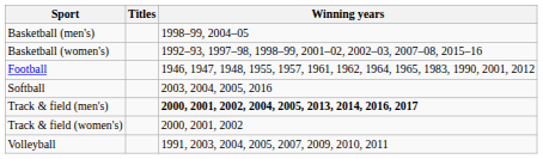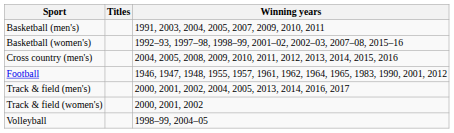 <table class="wikitable"; style= "text-align: ">
 <tr>
 <th width=px>Sport</th>
 <th width=px>Titles</th>
 <th width=px>Winning years</th>
 </tr>
 <tr>
 <td>Basketball (men's)</td>
 <td></td>
-<td>1998–99, 2004–05</td>
+<td>1991, 2003, 2004, 2005, 2007, 2009, 2010, 2011</td>
 </tr>
 <tr>
 <td>Basketball (women's)</td>
 <td></td>
 <td>1992–93, 1997–98, 1998–99, 2001–02, 2002–03, 2007–08, 2015–16</td>
 </tr>
 <tr>
+<td>Cross country (men's)</td>
+<td></td>
+<td>2004, 2005, 2008, 2009, 2010, 2011, 2012, 2013, 2014, 2015, 2016</td>
+</tr>
+<tr>
 <td><a href='#'>Football</a></td>
 <td></td>
 <td>1946, 1947, 1948, 1955, 1957, 1961, 1962, 1964, 1965, 1983, 1990, 2001, 2012</td>
 </tr>
 <tr>
-<td>Softball</td>
-<td></td>
-<td>2003, 2004, 2005, 2016</td>
-</tr>
-<tr>
 <td>Track & field (men's)</td>
 <td></td>
-<td><strong>2000, 2001, 2002, 2004, 2005, 2013, 2014, 2016, 2017</strong></td>
+<td>2000, 2001, 2002, 2004, 2005, 2013, 2014, 2016, 2017</td>
 </tr>
 <tr>
 <td>Track & field (women's)</td>
 <td></td>
 <td>2000, 2001, 2002</td>
 </tr>
 <tr>
 <td>Volleyball</td>
 <td></td>
-<td>1991, 2003, 2004, 2005, 2007, 2009, 2010, 2011</td>
+<td>1998–99, 2004–05</td>
 </tr>
 </table>
